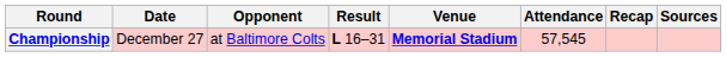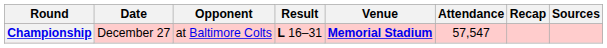 <table class="wikitable" style="text-align:center">
 <tr>
 <th>Round</th>
 <th>Date</th>
 <th>Opponent</th>
 <th>Result</th>
 <th>Venue</th>
 <th>Attendance</th>
 <th>Recap</th>
 <th>Sources</th>
 </tr>
 <tr style="background:#fcc">
 <th><a href='#'>Championship</a></th>
 <td>December 27</td>
 <td>at <a href='#'>Baltimore Colts</a></td>
 <td><strong>L</strong> 16–31</td>
 <td><strong><a href='#'>Memorial Stadium</a></strong></td>
-<td>57,545</td>
+<td>57,547</td>
 <td></td>
 <td></td>
 </tr>
 </table>
